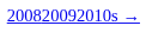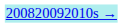 <table id=toc class=toc summary=Contents>
 <tr>
 <th></th>
 </tr>
 <tr>
-<td align=center><a href='#'>2008</a><a href='#'>2009</a><a href='#'>2010s →</a></td>
+<td align=center style="background: paleturquoise;"><a href='#'>2008</a><a href='#'>2009</a><a href='#'>2010s →</a></td>
 </tr>
 </table>
